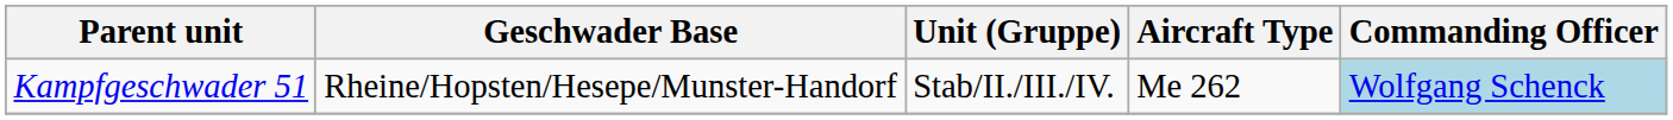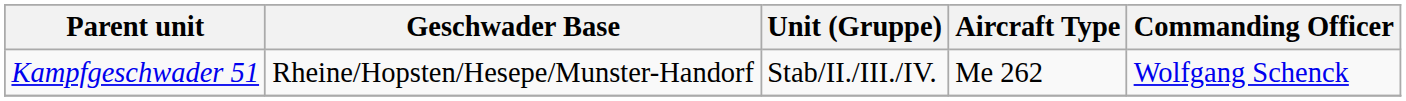 <table class="wikitable">
 <tr>
 <th>Parent unit</th>
 <th>Geschwader Base</th>
 <th>Unit (Gruppe)</th>
 <th>Aircraft Type</th>
 <th>Commanding Officer</th>
 </tr>
 <tr>
 <td><em><a href='#'>Kampfgeschwader 51</a></em></td>
 <td>Rheine/Hopsten/Hesepe/Munster-Handorf</td>
 <td>Stab/II./III./IV.</td>
 <td>Me 262</td>
-<td style="background: lightblue;"><a href='#'>Wolfgang Schenck</a></td>
+<td><a href='#'>Wolfgang Schenck</a></td>
 </tr>
 <tr>
 </tr>
 </table>
